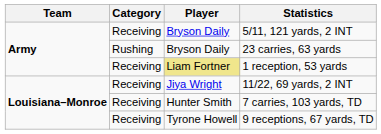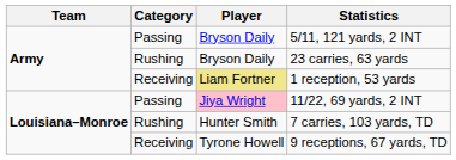 <table class="wikitable" style="float: right;">
 <tr>
 <th>Team</th>
 <th>Category</th>
 <th>Player</th>
 <th>Statistics</th>
 </tr>
 <tr>
 <td rowspan=3><strong>Army</strong></td>
-<td>Receiving</td>
+<td>Passing</td>
 <td><a href='#'>Bryson Daily</a></td>
 <td>5/11, 121 yards, 2 INT</td>
 </tr>
 <tr>
 <td>Rushing</td>
 <td>Bryson Daily</td>
 <td>23 carries, 63 yards</td>
 </tr>
 <tr>
 <td>Receiving</td>
 <td style="background: khaki;">Liam Fortner</td>
 <td>1 reception, 53 yards</td>
 </tr>
 <tr>
 <td rowspan=3><strong>Louisiana–Monroe</strong></td>
-<td>Receiving</td>
-<td><a href='#'>Jiya Wright</a></td>
+<td>Passing</td>
+<td style="background: pink;"><a href='#'>Jiya Wright</a></td>
 <td>11/22, 69 yards, 2 INT</td>
 </tr>
 <tr>
-<td>Receiving</td>
+<td>Rushing</td>
 <td>Hunter Smith</td>
 <td>7 carries, 103 yards, TD</td>
 </tr>
 <tr>
 <td>Receiving</td>
 <td>Tyrone Howell</td>
 <td>9 receptions, 67 yards, TD</td>
 </tr>
 </table>
